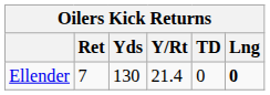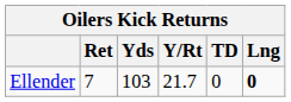 <table class="wikitable">
 <tr>
 <th colspan="6">Oilers Kick Returns</th>
 </tr>
 <tr>
 <th></th>
 <th>Ret</th>
 <th>Yds</th>
 <th>Y/Rt</th>
 <th>TD</th>
 <th>Lng</th>
 </tr>
 <tr>
 <td><a href='#'>Ellender</a></td>
 <td>7</td>
-<td>130</td>
-<td>21.4</td>
+<td>103</td>
+<td>21.7</td>
 <td>0</td>
 <td><strong>0</strong></td>
 </tr>
 </table>
